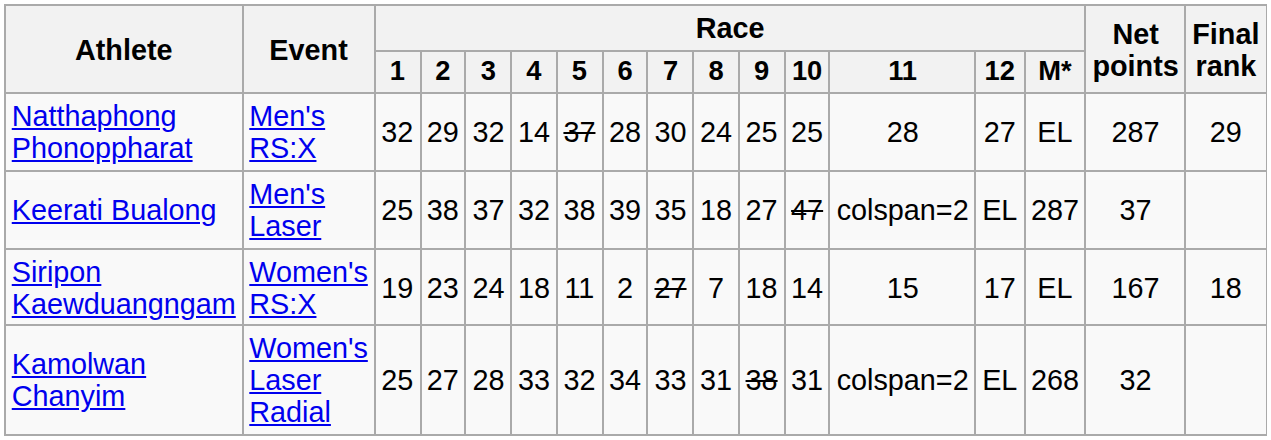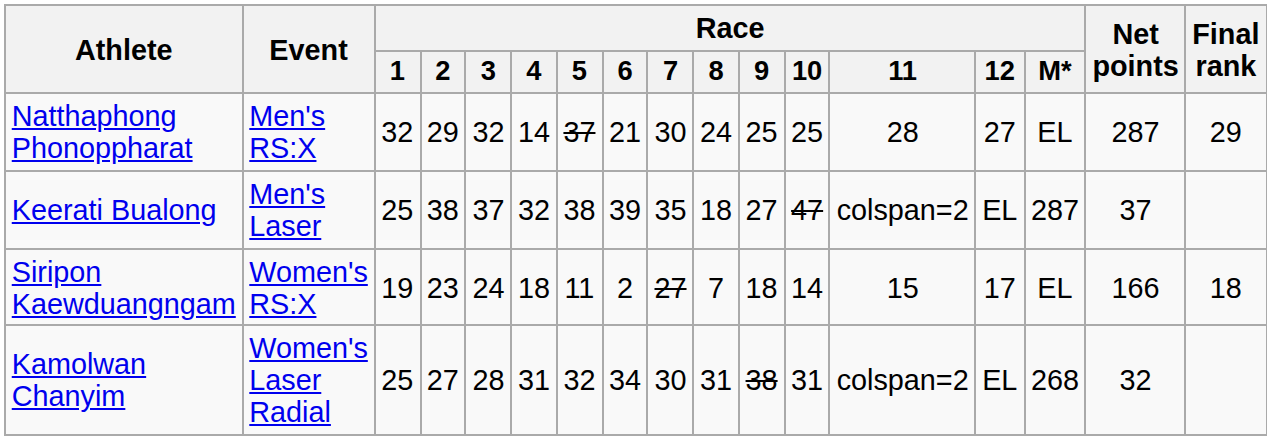 <table class="wikitable" style="font-size:90%">
 <tr>
 <th rowspan="2">Athlete</th>
 <th rowspan="2">Event</th>
 <th colspan=13>Race</th>
 <th rowspan=2>Net points</th>
 <th rowspan=2>Final rank</th>
 </tr>
 <tr style="font-size:95%">
 <th>1</th>
 <th>2</th>
 <th>3</th>
 <th>4</th>
 <th>5</th>
 <th>6</th>
 <th>7</th>
 <th>8</th>
 <th>9</th>
 <th>10</th>
 <th>11</th>
 <th>12</th>
 <th>M*</th>
 </tr>
 <tr align=center>
 <td align=left><a href='#'>Natthaphong Phonoppharat</a></td>
 <td align=left><a href='#'>Men's RS:X</a></td>
 <td>32</td>
 <td>29</td>
 <td>32</td>
 <td>14</td>
 <td><s>37</s></td>
-<td>28</td>
+<td>21</td>
 <td>30</td>
 <td>24</td>
 <td>25</td>
 <td>25</td>
 <td>28</td>
 <td>27</td>
 <td>EL</td>
 <td>287</td>
 <td>29</td>
 </tr>
 <tr align=center>
 <td align=left><a href='#'>Keerati Bualong</a></td>
 <td align=left><a href='#'>Men's Laser</a></td>
 <td>25</td>
 <td>38</td>
 <td>37</td>
 <td>32</td>
 <td>38</td>
 <td>39</td>
 <td>35</td>
 <td>18</td>
 <td>27</td>
 <td><s>47</s></td>
 <td>colspan=2 </td>
 <td>EL</td>
 <td>287</td>
 <td>37</td>
 </tr>
 <tr align=center>
 <td align=left><a href='#'>Siripon Kaewduangngam</a></td>
 <td align=left><a href='#'>Women's RS:X</a></td>
 <td>19</td>
 <td>23</td>
 <td>24</td>
 <td>18</td>
 <td>11</td>
 <td>2</td>
 <td><s>27</s></td>
 <td>7</td>
 <td>18</td>
 <td>14</td>
 <td>15</td>
 <td>17</td>
 <td>EL</td>
-<td>167</td>
+<td>166</td>
 <td>18</td>
 </tr>
 <tr align=center>
 <td align=left><a href='#'>Kamolwan Chanyim</a></td>
 <td align=left><a href='#'>Women's Laser Radial</a></td>
 <td>25</td>
 <td>27</td>
 <td>28</td>
-<td>33</td>
+<td>31</td>
 <td>32</td>
 <td>34</td>
-<td>33</td>
+<td>30</td>
 <td>31</td>
 <td><s>38</s></td>
 <td>31</td>
 <td>colspan=2 </td>
 <td>EL</td>
 <td>268</td>
 <td>32</td>
 </tr>
 </table>
